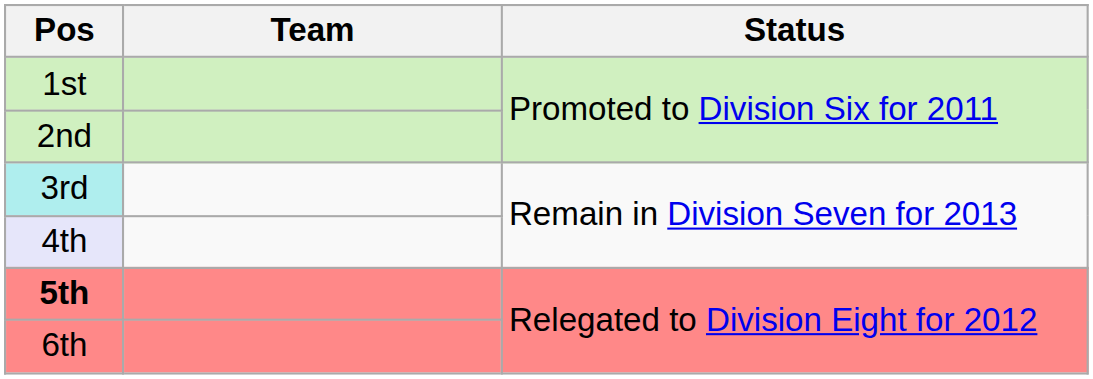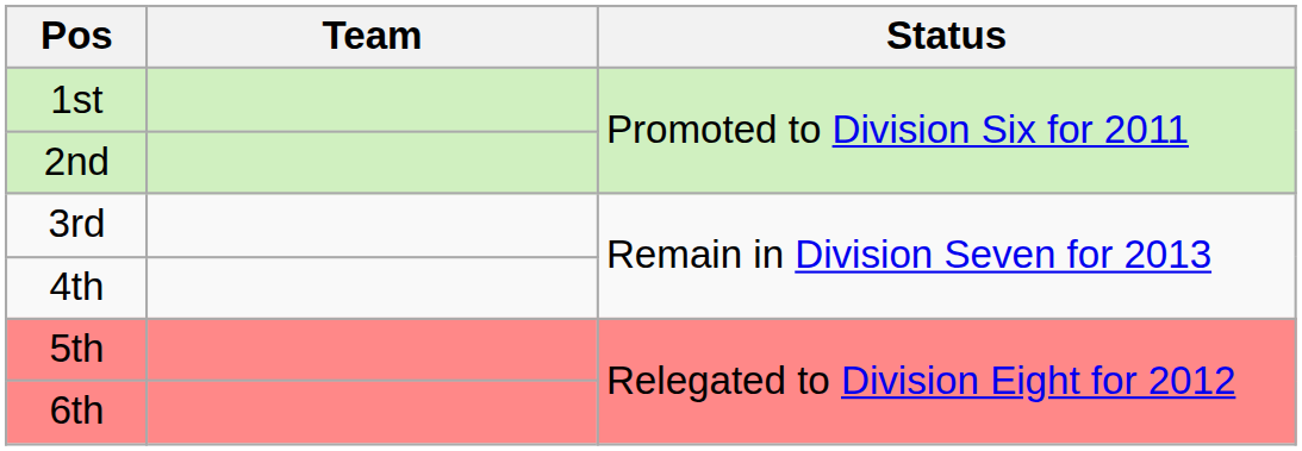 <table class="wikitable">
 <tr>
 <th width=50>Pos</th>
 <th width=175>Team</th>
 <th width=276>Status</th>
 </tr>
 <tr style="background:#D0F0C0">
 <td align="center">1st</td>
 <td></td>
 <td rowspan=2>Promoted to <a href='#'>Division Six for 2011</a></td>
 </tr>
 <tr style="background:#D0F0C0">
 <td align="center">2nd</td>
 <td></td>
 </tr>
 <tr>
-<td align="center" style="background: paleturquoise;">3rd</td>
+<td align="center">3rd</td>
 <td></td>
 <td rowspan=2>Remain in <a href='#'>Division Seven for 2013</a></td>
 </tr>
 <tr>
-<td align="center" style="background: lavender;">4th</td>
+<td align="center">4th</td>
 <td></td>
 </tr>
 <tr style="background:#FF8888;">
-<td align="center"><strong>5th</strong></td>
+<td align="center">5th</td>
 <td></td>
 <td rowspan=2>Relegated to <a href='#'>Division Eight for 2012</a></td>
 </tr>
 <tr style="background:#FF8888;">
 <td align="center">6th</td>
 <td></td>
 </tr>
 </table>
